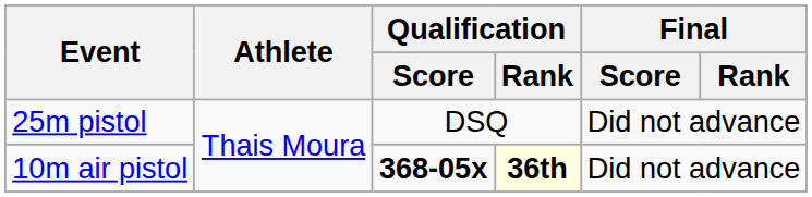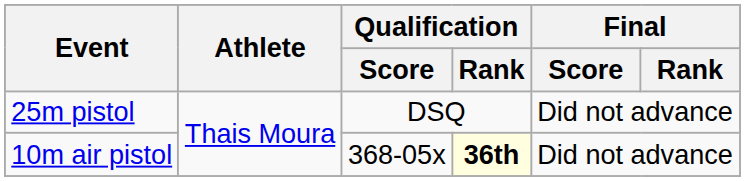 <table class="wikitable" style="font-size:90%">
 <tr>
 <th rowspan="2">Event</th>
 <th rowspan="2">Athlete</th>
 <th colspan="2">Qualification</th>
 <th colspan="2">Final</th>
 </tr>
 <tr>
 <th>Score</th>
 <th>Rank</th>
 <th>Score</th>
 <th>Rank</th>
 </tr>
 <tr>
 <td><a href='#'>25m pistol</a></td>
 <td rowspan=2><a href='#'>Thais Moura</a></td>
 <td align=center colspan=2>DSQ</td>
 <td align=center colspan=2>Did not advance</td>
 </tr>
 <tr>
 <td><a href='#'>10m air pistol</a></td>
-<td align=center><strong>368-05x</strong></td>
+<td align=center>368-05x</td>
 <td align=center style="background: lightyellow;"><strong>36th</strong></td>
 <td align=center colspan=2>Did not advance</td>
 </tr>
 </table>
